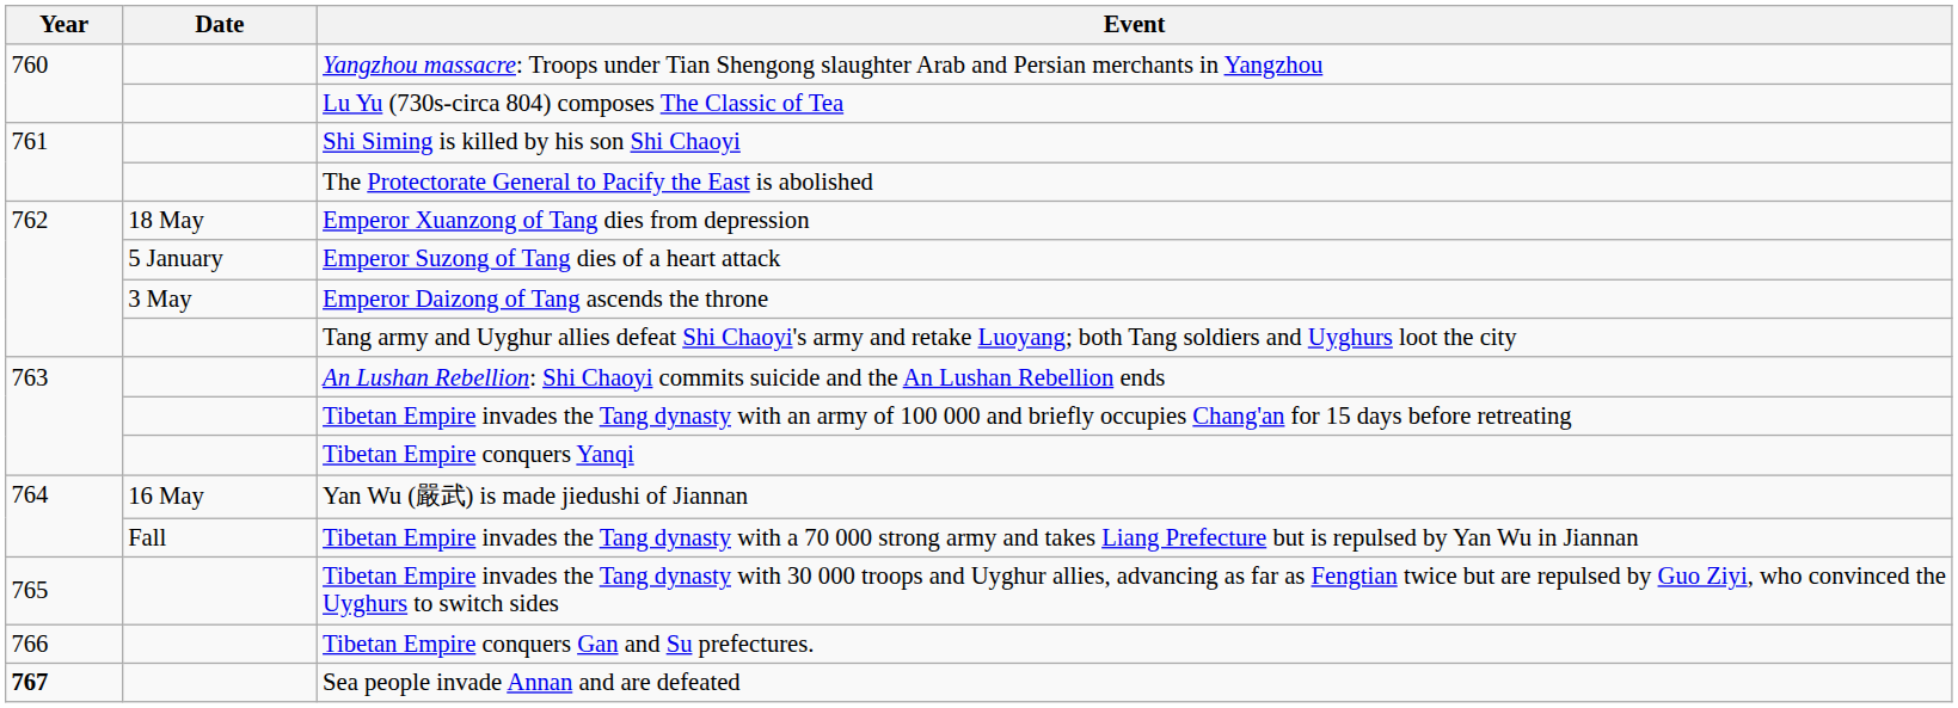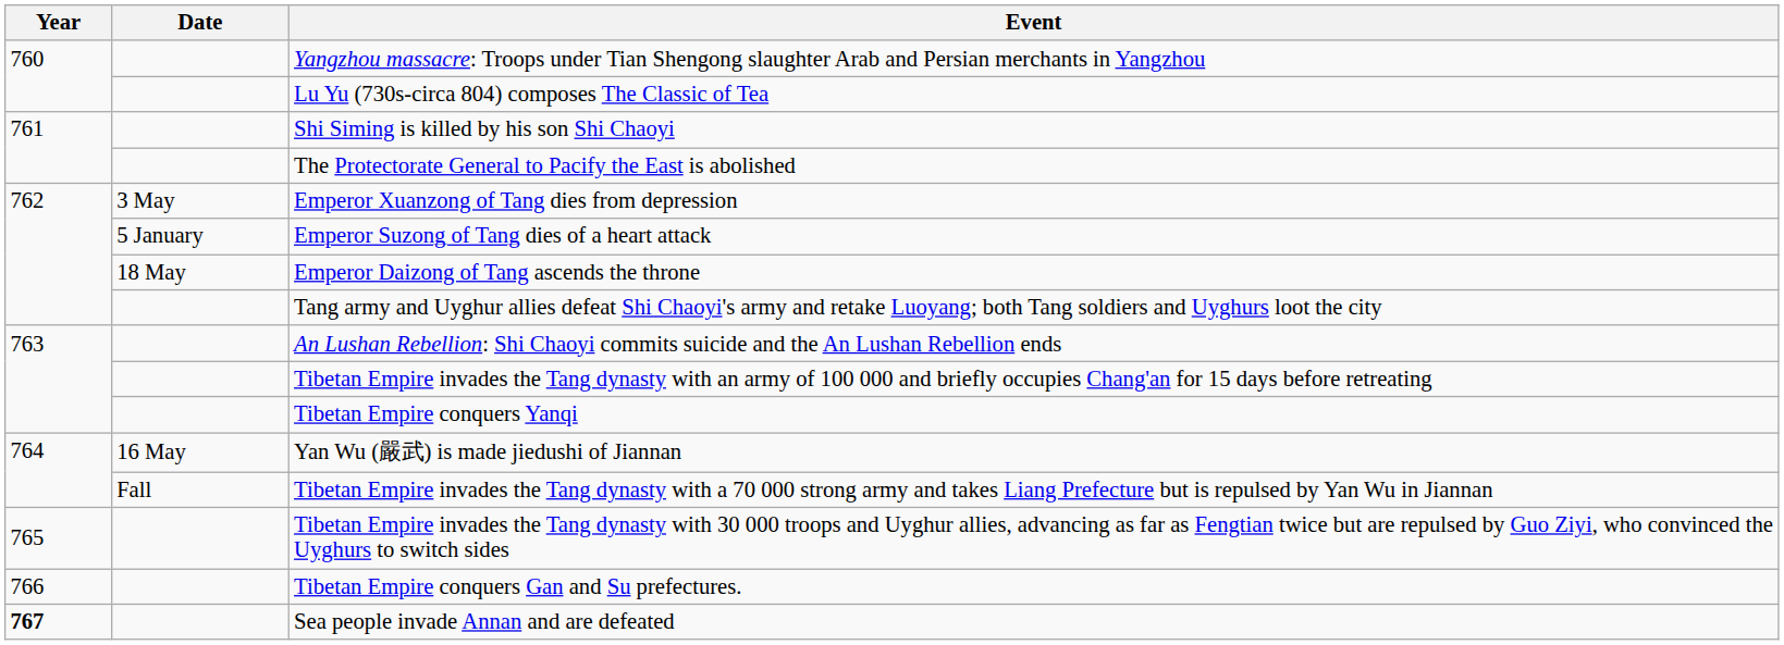 <table class="wikitable" width="100%">
 <tr>
 <th style="width:6%">Year</th>
 <th style="width:10%">Date</th>
 <th>Event</th>
 </tr>
 <tr>
 <td rowspan="2" valign="top">760</td>
 <td></td>
 <td><em><a href='#'>Yangzhou massacre</a></em>: Troops under Tian Shengong slaughter Arab and Persian merchants in <a href='#'>Yangzhou</a></td>
 </tr>
 <tr>
 <td></td>
 <td><a href='#'>Lu Yu</a> (730s-circa 804) composes <a href='#'>The Classic of Tea</a></td>
 </tr>
 <tr>
 <td rowspan="2" valign="top">761</td>
 <td></td>
 <td><a href='#'>Shi Siming</a> is killed by his son <a href='#'>Shi Chaoyi</a></td>
 </tr>
 <tr>
 <td></td>
 <td>The <a href='#'>Protectorate General to Pacify the East</a> is abolished</td>
 </tr>
 <tr>
 <td rowspan="4" valign="top">762</td>
-<td>18 May</td>
+<td>3 May</td>
 <td><a href='#'>Emperor Xuanzong of Tang</a> dies from depression</td>
 </tr>
 <tr>
 <td>5 January</td>
 <td><a href='#'>Emperor Suzong of Tang</a> dies of a heart attack</td>
 </tr>
 <tr>
-<td>3 May</td>
+<td>18 May</td>
 <td><a href='#'>Emperor Daizong of Tang</a> ascends the throne</td>
 </tr>
 <tr>
 <td></td>
 <td>Tang army and Uyghur allies defeat <a href='#'>Shi Chaoyi</a>'s army and retake <a href='#'>Luoyang</a>; both Tang soldiers and <a href='#'>Uyghurs</a> loot the city</td>
 </tr>
 <tr>
 <td rowspan="3" valign="top">763</td>
 <td></td>
 <td><em><a href='#'>An Lushan Rebellion</a></em>: <a href='#'>Shi Chaoyi</a> commits suicide and the <a href='#'>An Lushan Rebellion</a> ends</td>
 </tr>
 <tr>
 <td></td>
 <td><a href='#'>Tibetan Empire</a> invades the <a href='#'>Tang dynasty</a> with an army of 100 000 and briefly occupies <a href='#'>Chang'an</a> for 15 days before retreating</td>
 </tr>
 <tr>
 <td></td>
 <td><a href='#'>Tibetan Empire</a> conquers <a href='#'>Yanqi</a></td>
 </tr>
 <tr>
 <td rowspan="2" valign="top">764</td>
 <td>16 May</td>
 <td>Yan Wu (嚴武) is made jiedushi of Jiannan</td>
 </tr>
 <tr>
 <td>Fall</td>
 <td><a href='#'>Tibetan Empire</a> invades the <a href='#'>Tang dynasty</a> with a 70 000 strong army and takes <a href='#'>Liang Prefecture</a> but is repulsed by Yan Wu in Jiannan</td>
 </tr>
 <tr>
 <td>765</td>
 <td></td>
 <td><a href='#'>Tibetan Empire</a> invades the <a href='#'>Tang dynasty</a> with 30 000 troops and Uyghur allies, advancing as far as <a href='#'>Fengtian</a> twice but are repulsed by <a href='#'>Guo Ziyi</a>, who convinced the <a href='#'>Uyghurs</a> to switch sides</td>
 </tr>
 <tr>
 <td>766</td>
 <td></td>
 <td><a href='#'>Tibetan Empire</a> conquers <a href='#'>Gan</a> and <a href='#'>Su</a> prefectures.</td>
 </tr>
 <tr>
 <td><strong>767</strong></td>
 <td></td>
 <td>Sea people invade <a href='#'>Annan</a> and are defeated</td>
 </tr>
 </table>
